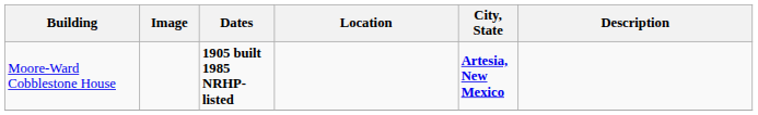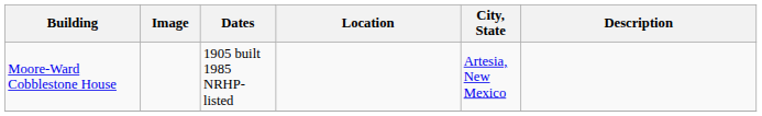 <table class="wikitable sortable" style="width:98%">
 <tr>
 <th width = 18%><strong>Building</strong></th>
 <th width = 8% class="unsortable"><strong>Image</strong></th>
 <th width = 10%><strong>Dates</strong></th>
 <th><strong>Location</strong></th>
 <th width = 8%><strong>City, State</strong></th>
 <th class="unsortable"><strong>Description</strong></th>
 </tr>
 <tr>
 <td><a href='#'>Moore-Ward Cobblestone House</a></td>
 <td></td>
-<td><strong>1905 built<br>1985 NRHP-listed</strong></td>
+<td>1905 built<br>1985 NRHP-listed</td>
 <td></td>
-<td><strong><a href='#'>Artesia, New Mexico</a></strong></td>
+<td><a href='#'>Artesia, New Mexico</a></td>
 <td></td>
 </tr>
 <tr>
 </tr>
 </table>
